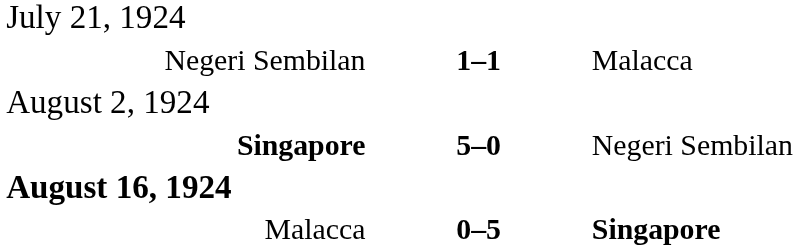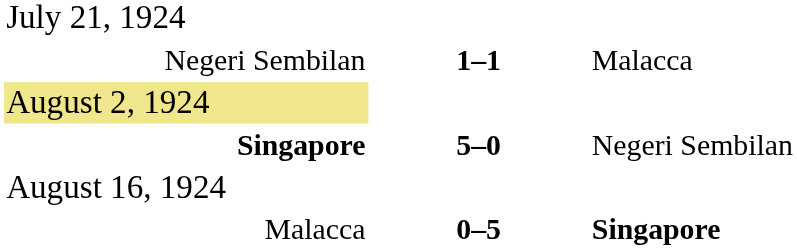 <table width=100% cellspacing=1>
 <tr>
 <th width=20%></th>
 <th width=12%></th>
 <th width=20%></th>
 <th></th>
 </tr>
 <tr>
 <td>July 21, 1924</td>
 </tr>
 <tr style=font-size:90%>
 <td align=right>Negeri Sembilan</td>
 <td align=center><strong>1–1</strong></td>
 <td>Malacca</td>
 <td></td>
 <td></td>
 </tr>
 <tr>
-<td>August 2, 1924</td>
+<td style="background: khaki;">August 2, 1924</td>
 </tr>
 <tr style=font-size:90%>
 <td align=right><strong>Singapore</strong></td>
 <td align=center><strong>5–0</strong></td>
 <td>Negeri Sembilan</td>
 <td></td>
 <td></td>
 </tr>
 <tr>
-<td><strong>August 16, 1924</strong></td>
+<td>August 16, 1924</td>
 </tr>
 <tr style=font-size:90%>
 <td align=right>Malacca</td>
 <td align=center><strong>0–5</strong></td>
 <td><strong>Singapore</strong></td>
 <td></td>
 <td></td>
 </tr>
 <tr>
 </tr>
 </table>
